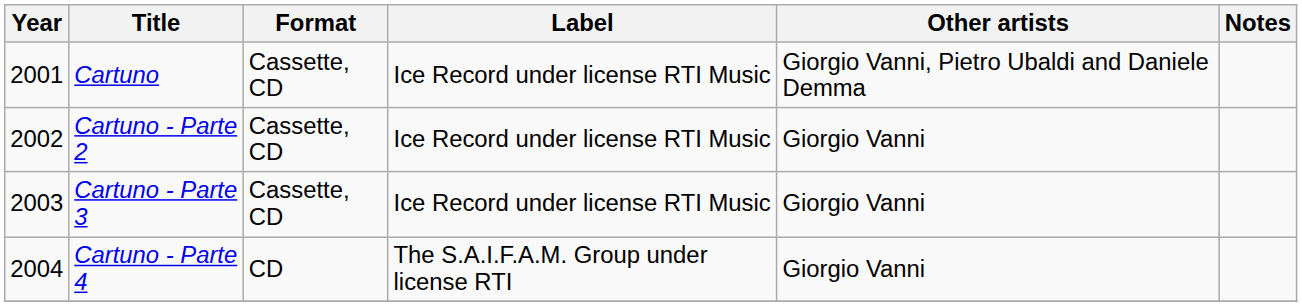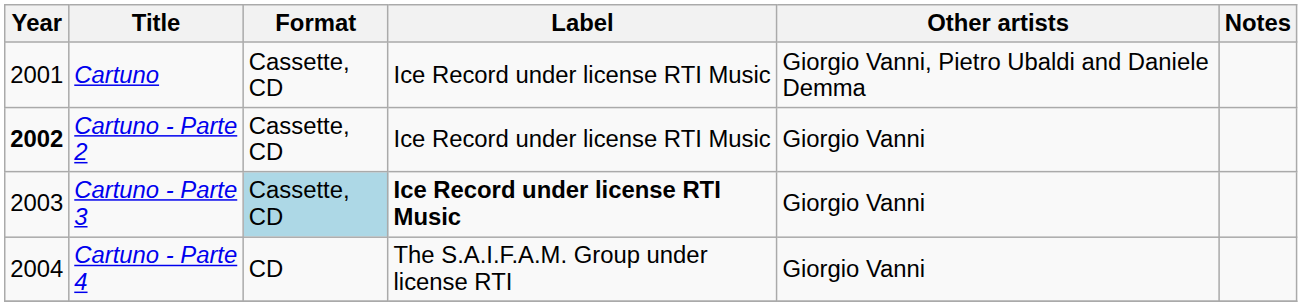 <table class=wikitable>
 <tr>
 <th>Year</th>
 <th>Title</th>
 <th>Format</th>
 <th>Label</th>
 <th>Other artists</th>
 <th>Notes</th>
 </tr>
 <tr>
 <td>2001</td>
 <td><em><a href='#'>Cartuno</a></em></td>
 <td>Cassette, CD</td>
 <td>Ice Record under license RTI Music</td>
 <td>Giorgio Vanni, Pietro Ubaldi and Daniele Demma</td>
 <td></td>
 </tr>
 <tr>
-<td>2002</td>
+<td><strong>2002</strong></td>
 <td><em><a href='#'>Cartuno - Parte 2</a></em></td>
 <td>Cassette, CD</td>
 <td>Ice Record under license RTI Music</td>
 <td>Giorgio Vanni</td>
 <td></td>
 </tr>
 <tr>
 <td>2003</td>
 <td><em><a href='#'>Cartuno - Parte 3</a></em></td>
-<td>Cassette, CD</td>
-<td>Ice Record under license RTI Music</td>
+<td style="background: lightblue;">Cassette, CD</td>
+<td><strong>Ice Record under license RTI Music</strong></td>
 <td>Giorgio Vanni</td>
 <td></td>
 </tr>
 <tr>
 <td>2004</td>
 <td><em><a href='#'>Cartuno - Parte 4</a></em></td>
 <td>CD</td>
 <td>The S.A.I.F.A.M. Group under license RTI</td>
 <td>Giorgio Vanni</td>
 <td></td>
 </tr>
 <tr>
 </tr>
 </table>
